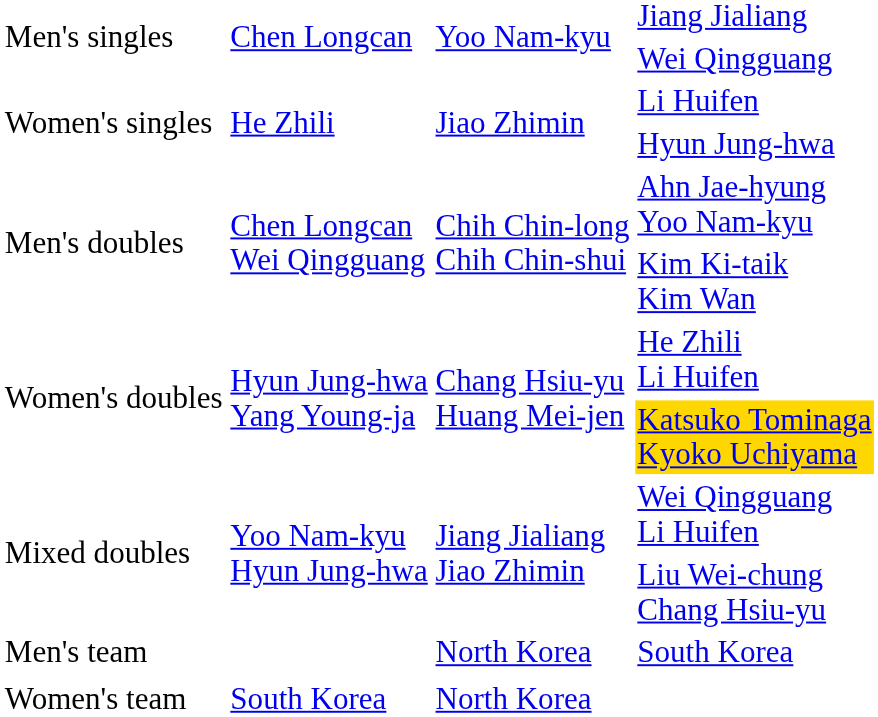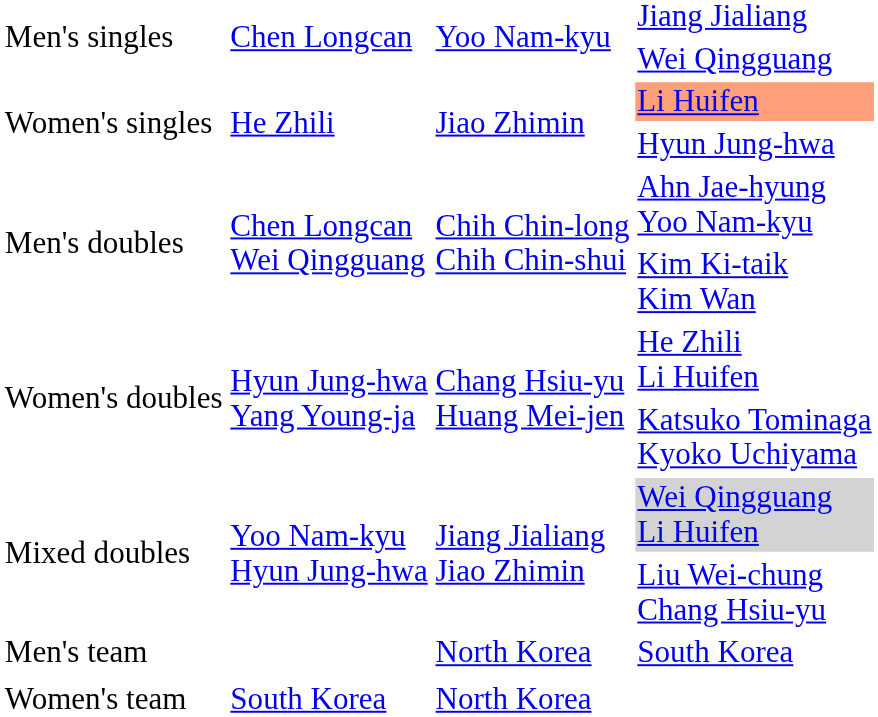 <table>
 <tr>
 <td rowspan=2>Men's singles <br></td>
 <td rowspan=2> <a href='#'>Chen Longcan</a></td>
 <td rowspan=2> <a href='#'>Yoo Nam-kyu</a></td>
 <td> <a href='#'>Jiang Jialiang</a></td>
 </tr>
 <tr>
 <td> <a href='#'>Wei Qingguang</a></td>
 </tr>
 <tr>
 <td rowspan=2>Women's singles <br></td>
 <td rowspan=2> <a href='#'>He Zhili</a></td>
 <td rowspan=2> <a href='#'>Jiao Zhimin</a></td>
-<td> <a href='#'>Li Huifen</a></td>
+<td style="background: lightsalmon;"> <a href='#'>Li Huifen</a></td>
 </tr>
 <tr>
 <td> <a href='#'>Hyun Jung-hwa</a></td>
 </tr>
 <tr>
 <td rowspan=2>Men's doubles <br></td>
 <td rowspan=2> <a href='#'>Chen Longcan</a><br> <a href='#'>Wei Qingguang</a></td>
 <td rowspan=2> <a href='#'>Chih Chin-long</a><br> <a href='#'>Chih Chin-shui</a></td>
 <td> <a href='#'>Ahn Jae-hyung</a><br> <a href='#'>Yoo Nam-kyu</a></td>
 </tr>
 <tr>
 <td> <a href='#'>Kim Ki-taik</a><br> <a href='#'>Kim Wan</a></td>
 </tr>
 <tr>
 <td rowspan=2>Women's doubles <br></td>
 <td rowspan=2> <a href='#'>Hyun Jung-hwa</a><br> <a href='#'>Yang Young-ja</a></td>
 <td rowspan=2> <a href='#'>Chang Hsiu-yu</a><br> <a href='#'>Huang Mei-jen</a></td>
 <td> <a href='#'>He Zhili</a><br>  <a href='#'>Li Huifen</a></td>
 </tr>
 <tr>
-<td style="background: gold;"> <a href='#'>Katsuko Tominaga</a><br> <a href='#'>Kyoko Uchiyama</a></td>
+<td> <a href='#'>Katsuko Tominaga</a><br> <a href='#'>Kyoko Uchiyama</a></td>
 </tr>
 <tr>
 <td rowspan=2>Mixed doubles <br></td>
 <td rowspan=2> <a href='#'>Yoo Nam-kyu</a><br> <a href='#'>Hyun Jung-hwa</a></td>
 <td rowspan=2> <a href='#'>Jiang Jialiang</a><br> <a href='#'>Jiao Zhimin</a></td>
-<td> <a href='#'>Wei Qingguang</a><br> <a href='#'>Li Huifen</a></td>
+<td style="background: lightgrey;"> <a href='#'>Wei Qingguang</a><br> <a href='#'>Li Huifen</a></td>
 </tr>
 <tr>
 <td> <a href='#'>Liu Wei-chung</a><br> <a href='#'>Chang Hsiu-yu</a></td>
 </tr>
 <tr>
 <td rowspan=1>Men's team <br></td>
 <td rowspan=1></td>
 <td rowspan=1> <a href='#'>North Korea</a></td>
 <td> <a href='#'>South Korea</a></td>
 </tr>
 <tr>
 </tr>
 <tr>
 <td rowspan=1>Women's team <br></td>
 <td rowspan=1> <a href='#'>South Korea</a></td>
 <td rowspan=1> <a href='#'>North Korea</a></td>
 <td></td>
 </tr>
 <tr>
 </tr>
 </table>
